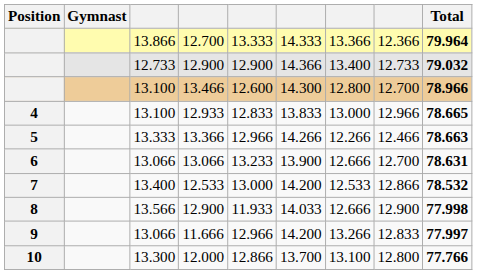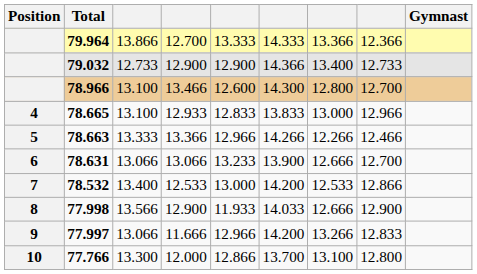 <table class="wikitable sortable" style="text-align:center; font-size:100%">
 <tr>
 <th>Position</th>
-<th>Gymnast</th>
+<th>Total</th>
 <th></th>
 <th></th>
 <th></th>
 <th></th>
 <th></th>
 <th></th>
-<th>Total</th>
+<th>Gymnast</th>
 </tr>
 <tr style="background:#fffcaf;">
 <th scope="row" style="text-align:center"></th>
-<td style="text-align:left;"></td>
+<td><strong>79.964</strong></td>
 <td>13.866</td>
 <td>12.700</td>
 <td>13.333</td>
 <td>14.333</td>
 <td>13.366</td>
 <td>12.366</td>
-<td><strong>79.964</strong></td>
+<td style="text-align:left;"></td>
 </tr>
 <tr style="background:#e5e5e5;">
 <th scope="row" style="text-align:center"></th>
-<td style="text-align:left;"></td>
+<td><strong>79.032</strong></td>
 <td>12.733</td>
 <td>12.900</td>
 <td>12.900</td>
 <td>14.366</td>
 <td>13.400</td>
 <td>12.733</td>
-<td><strong>79.032</strong></td>
+<td style="text-align:left;"></td>
 </tr>
 <tr style="background:#ec9;">
 <th scope="row" style="text-align:center"></th>
-<td style="text-align:left;"></td>
+<td><strong>78.966</strong></td>
 <td>13.100</td>
 <td>13.466</td>
 <td>12.600</td>
 <td>14.300</td>
 <td>12.800</td>
 <td>12.700</td>
-<td><strong>78.966</strong></td>
+<td style="text-align:left;"></td>
 </tr>
 <tr>
 <th>4</th>
-<td style="text-align:left;"></td>
+<td><strong>78.665</strong></td>
 <td>13.100</td>
 <td>12.933</td>
 <td>12.833</td>
 <td>13.833</td>
 <td>13.000</td>
 <td>12.966</td>
-<td><strong>78.665</strong></td>
+<td style="text-align:left;"></td>
 </tr>
 <tr>
 <th>5</th>
-<td style="text-align:left;"></td>
+<td><strong>78.663</strong></td>
 <td>13.333</td>
 <td>13.366</td>
 <td>12.966</td>
 <td>14.266</td>
 <td>12.266</td>
 <td>12.466</td>
-<td><strong>78.663</strong></td>
+<td style="text-align:left;"></td>
 </tr>
 <tr>
 <th>6</th>
-<td style="text-align:left;"></td>
+<td><strong>78.631</strong></td>
 <td>13.066</td>
 <td>13.066</td>
 <td>13.233</td>
 <td>13.900</td>
 <td>12.666</td>
 <td>12.700</td>
-<td><strong>78.631</strong></td>
+<td style="text-align:left;"></td>
 </tr>
 <tr>
 <th>7</th>
-<td style="text-align:left;"></td>
+<td><strong>78.532</strong></td>
 <td>13.400</td>
 <td>12.533</td>
 <td>13.000</td>
 <td>14.200</td>
 <td>12.533</td>
 <td>12.866</td>
-<td><strong>78.532</strong></td>
+<td style="text-align:left;"></td>
 </tr>
 <tr>
 <th>8</th>
-<td style="text-align:left;"></td>
+<td><strong>77.998</strong></td>
 <td>13.566</td>
 <td>12.900</td>
 <td>11.933</td>
 <td>14.033</td>
 <td>12.666</td>
 <td>12.900</td>
-<td><strong>77.998</strong></td>
+<td style="text-align:left;"></td>
 </tr>
 <tr>
 <th>9</th>
-<td style="text-align:left;"></td>
+<td><strong>77.997</strong></td>
 <td>13.066</td>
 <td>11.666</td>
 <td>12.966</td>
 <td>14.200</td>
 <td>13.266</td>
 <td>12.833</td>
-<td><strong>77.997</strong></td>
+<td style="text-align:left;"></td>
 </tr>
 <tr>
 <th>10</th>
-<td style="text-align:left;"></td>
+<td><strong>77.766</strong></td>
 <td>13.300</td>
 <td>12.000</td>
 <td>12.866</td>
 <td>13.700</td>
 <td>13.100</td>
 <td>12.800</td>
-<td><strong>77.766</strong></td>
+<td style="text-align:left;"></td>
 </tr>
 </table>
